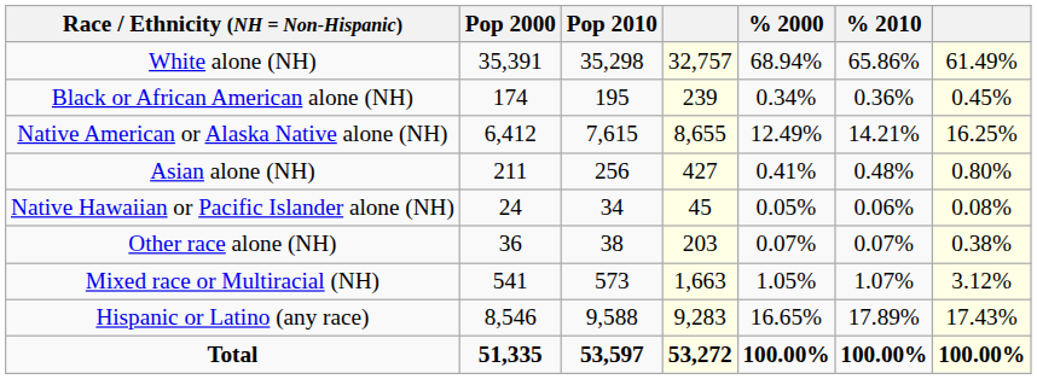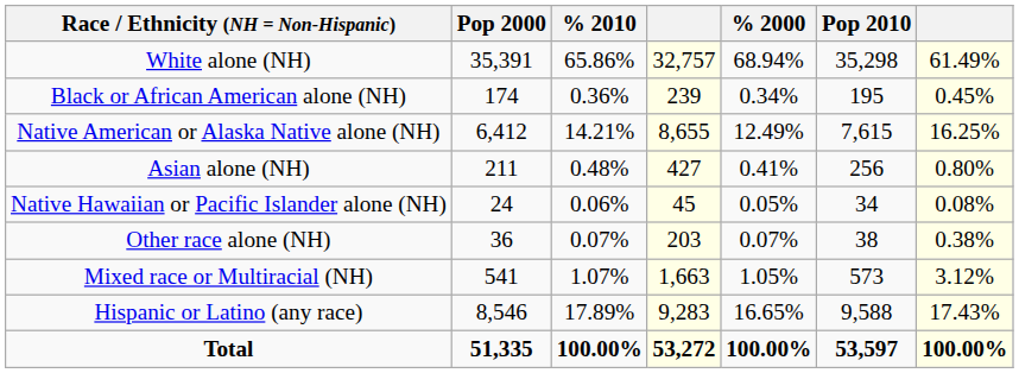 <table class="wikitable" style="text-align:center;">
 <tr>
 <th>Race / Ethnicity <small>(<em>NH = Non-Hispanic</em>)</small></th>
 <th>Pop 2000</th>
-<th>Pop 2010</th>
+<th>% 2010</th>
 <th></th>
 <th>% 2000</th>
-<th>% 2010</th>
+<th>Pop 2010</th>
 <th></th>
 </tr>
 <tr>
 <td><a href='#'>White</a> alone (NH)</td>
 <td>35,391</td>
-<td>35,298</td>
+<td>65.86%</td>
 <td style='background: #ffffe6;'>32,757</td>
 <td>68.94%</td>
-<td>65.86%</td>
+<td>35,298</td>
 <td style='background: #ffffe6;'>61.49%</td>
 </tr>
 <tr>
 <td><a href='#'>Black or African American</a> alone (NH)</td>
 <td>174</td>
-<td>195</td>
+<td>0.36%</td>
 <td style='background: #ffffe6;'>239</td>
 <td>0.34%</td>
-<td>0.36%</td>
+<td>195</td>
 <td style='background: #ffffe6;'>0.45%</td>
 </tr>
 <tr>
 <td><a href='#'>Native American</a> or <a href='#'>Alaska Native</a> alone (NH)</td>
 <td>6,412</td>
-<td>7,615</td>
+<td>14.21%</td>
 <td style='background: #ffffe6;'>8,655</td>
 <td>12.49%</td>
-<td>14.21%</td>
+<td>7,615</td>
 <td style='background: #ffffe6;'>16.25%</td>
 </tr>
 <tr>
 <td><a href='#'>Asian</a> alone (NH)</td>
 <td>211</td>
-<td>256</td>
+<td>0.48%</td>
 <td style='background: #ffffe6;'>427</td>
 <td>0.41%</td>
-<td>0.48%</td>
+<td>256</td>
 <td style='background: #ffffe6;'>0.80%</td>
 </tr>
 <tr>
 <td><a href='#'>Native Hawaiian</a> or <a href='#'>Pacific Islander</a> alone (NH)</td>
 <td>24</td>
-<td>34</td>
+<td>0.06%</td>
 <td style='background: #ffffe6;'>45</td>
 <td>0.05%</td>
-<td>0.06%</td>
+<td>34</td>
 <td style='background: #ffffe6;'>0.08%</td>
 </tr>
 <tr>
 <td><a href='#'>Other race</a> alone (NH)</td>
 <td>36</td>
-<td>38</td>
+<td>0.07%</td>
 <td style='background: #ffffe6;'>203</td>
 <td>0.07%</td>
-<td>0.07%</td>
+<td>38</td>
 <td style='background: #ffffe6;'>0.38%</td>
 </tr>
 <tr>
 <td><a href='#'>Mixed race or Multiracial</a> (NH)</td>
 <td>541</td>
-<td>573</td>
+<td>1.07%</td>
 <td style='background: #ffffe6;'>1,663</td>
 <td>1.05%</td>
-<td>1.07%</td>
+<td>573</td>
 <td style='background: #ffffe6;'>3.12%</td>
 </tr>
 <tr>
 <td><a href='#'>Hispanic or Latino</a> (any race)</td>
 <td>8,546</td>
-<td>9,588</td>
+<td>17.89%</td>
 <td style='background: #ffffe6;'>9,283</td>
 <td>16.65%</td>
-<td>17.89%</td>
+<td>9,588</td>
 <td style='background: #ffffe6;'>17.43%</td>
 </tr>
 <tr>
 <td><strong>Total</strong></td>
 <td><strong>51,335</strong></td>
-<td><strong>53,597</strong></td>
+<td><strong>100.00%</strong></td>
 <td style='background: #ffffe6;'><strong>53,272</strong></td>
 <td><strong>100.00%</strong></td>
-<td><strong>100.00%</strong></td>
+<td><strong>53,597</strong></td>
 <td style='background: #ffffe6;'><strong>100.00%</strong></td>
 </tr>
 </table>
